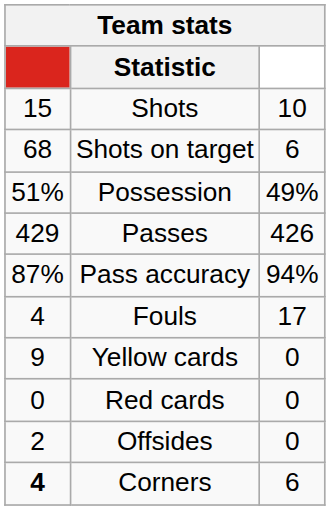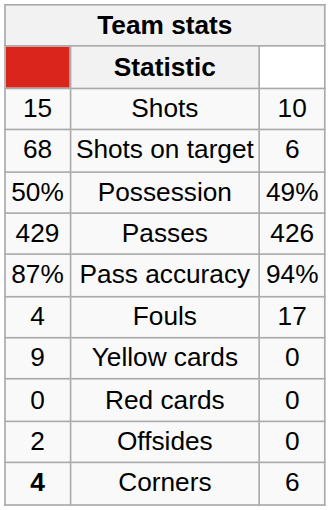 <table class="wikitable" style="margin-left: auto; margin-right: auto; border: none; text-align:center;">
 <tr>
 <th colspan=3>Team stats</th>
 </tr>
 <tr>
 <th style="background: #da251d; color: #FFFFFF;"> <a href='#'></a></th>
 <th>Statistic</th>
 <th style="background: #FFFFFF; color: #DA2D1C;"> <a href='#'></a></th>
 </tr>
 <tr>
 <td>15</td>
 <td>Shots</td>
 <td>10</td>
 </tr>
 <tr>
 <td>68</td>
 <td>Shots on target</td>
 <td>6</td>
 </tr>
 <tr>
-<td>51%</td>
+<td>50%</td>
 <td>Possession</td>
 <td>49%</td>
 </tr>
 <tr>
 <td>429</td>
 <td>Passes</td>
 <td>426</td>
 </tr>
 <tr>
 <td>87%</td>
 <td>Pass accuracy</td>
 <td>94%</td>
 </tr>
 <tr>
 <td>4</td>
 <td>Fouls</td>
 <td>17</td>
 </tr>
 <tr>
 <td>9</td>
 <td>Yellow cards</td>
 <td>0</td>
 </tr>
 <tr>
 <td>0</td>
 <td>Red cards</td>
 <td>0</td>
 </tr>
 <tr>
 <td>2</td>
 <td>Offsides</td>
 <td>0</td>
 </tr>
 <tr>
 <td><strong>4</strong></td>
 <td>Corners</td>
 <td>6</td>
 </tr>
 </table>
